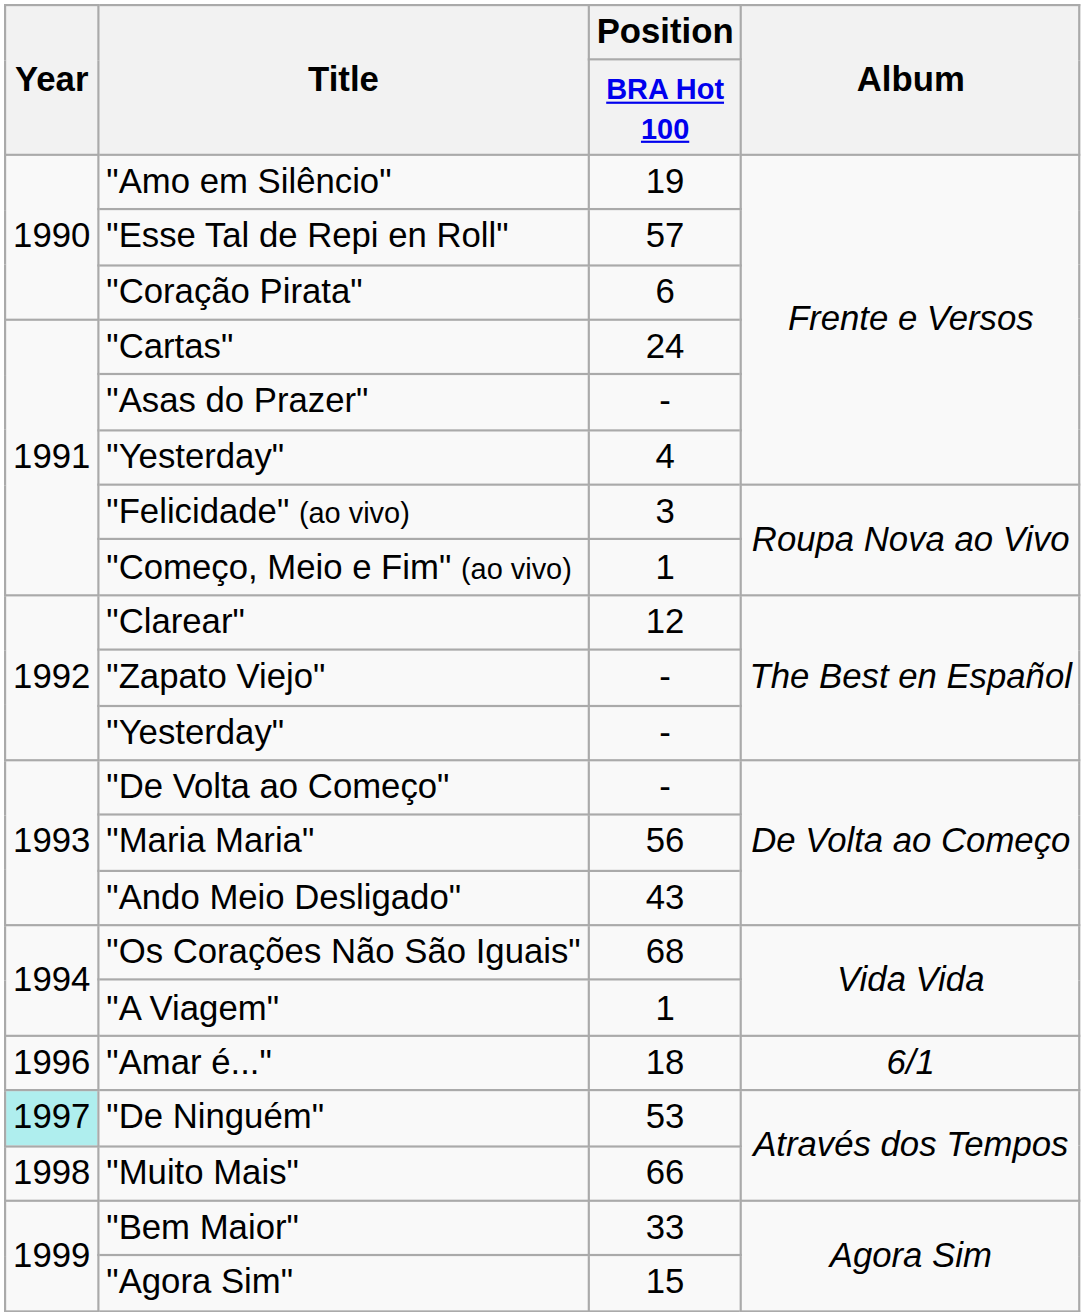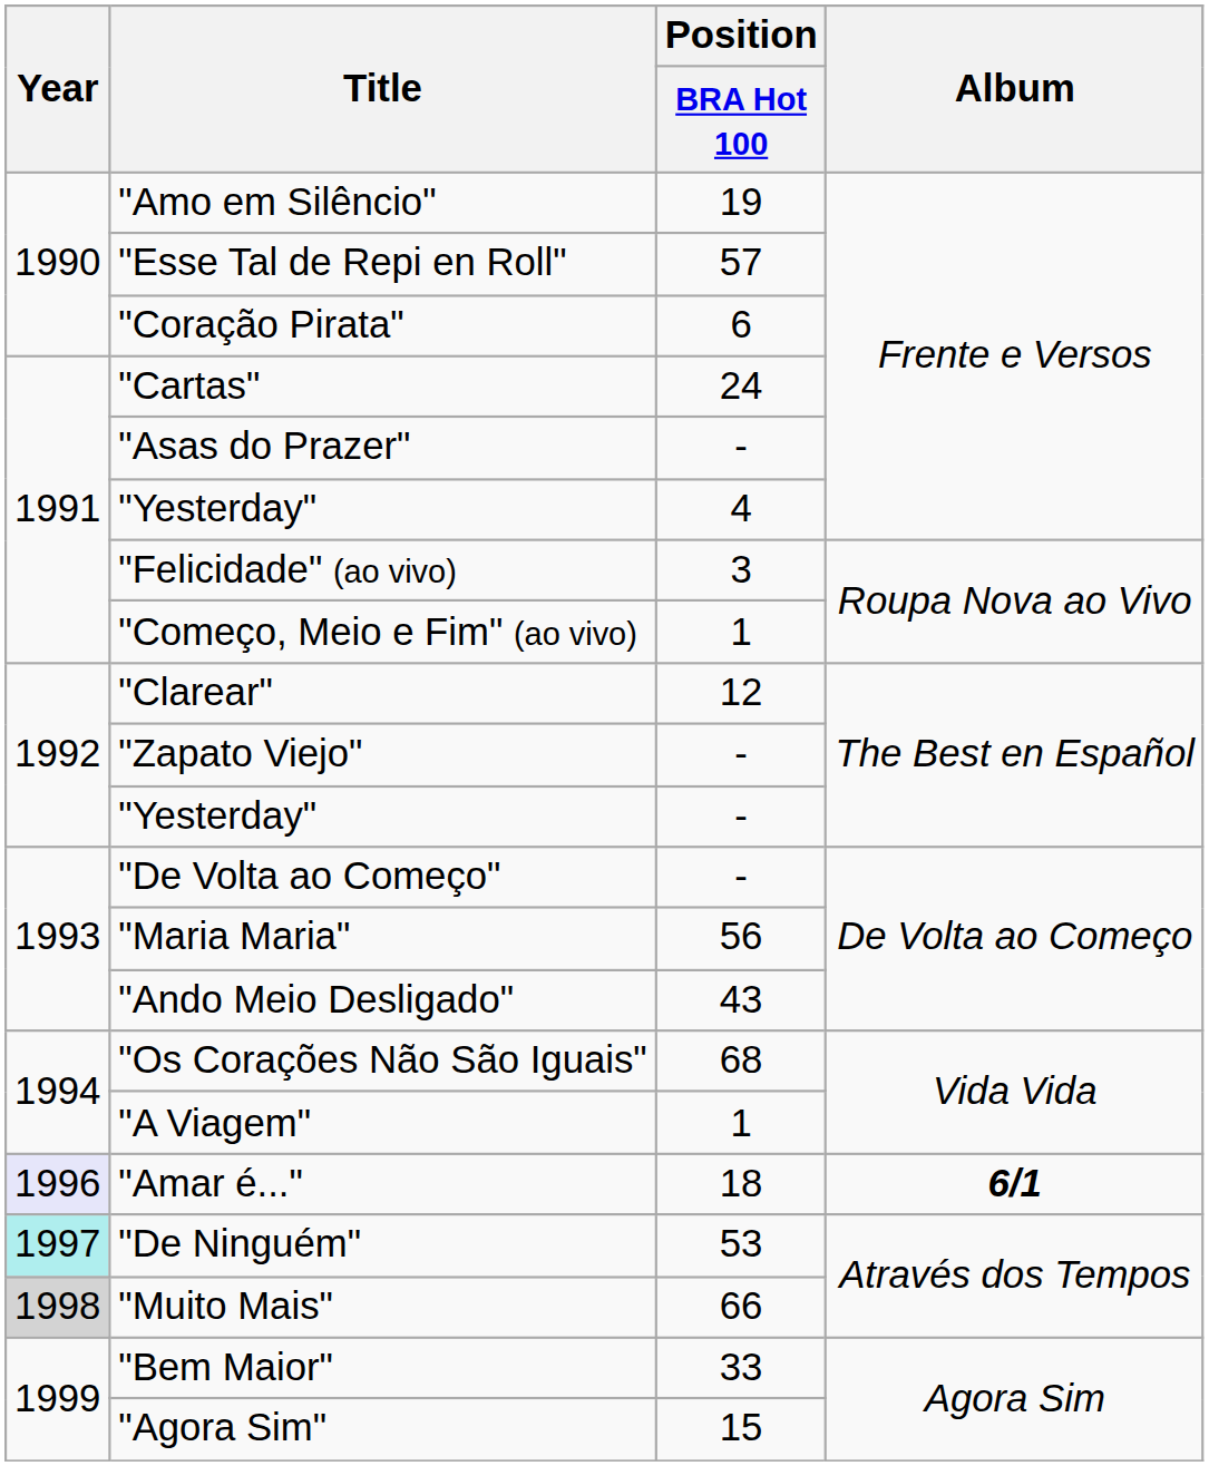 <table class="wikitable">
 <tr>
 <th rowspan="2">Year</th>
 <th rowspan="2">Title</th>
 <th colspan="1">Position</th>
 <th rowspan="2">Album</th>
 </tr>
 <tr>
 <th align="center" width="30"><small><a href='#'>BRA Hot 100</a></small></th>
 </tr>
 <tr>
 <td align="left" valign="center" rowspan=3>1990</td>
 <td align="left" valign="center">"Amo em Silêncio"</td>
 <td align="center">19</td>
 <td rowspan="6" align="center"><em>Frente e Versos</em></td>
 </tr>
 <tr>
 <td align="left" valign="center">"Esse Tal de Repi en Roll"</td>
 <td align="center">57</td>
 </tr>
 <tr>
 <td align="left" valign="center">"Coração Pirata"</td>
 <td align="center">6</td>
 </tr>
 <tr>
 <td rowspan="5" align="left" valign="center">1991</td>
 <td align="left" valign="center">"Cartas"</td>
 <td align="center">24</td>
 </tr>
 <tr>
 <td>"Asas do Prazer"</td>
 <td align="center">-</td>
 </tr>
 <tr>
 <td align="left" valign="center">"Yesterday"</td>
 <td align="center">4</td>
 </tr>
 <tr>
 <td align="left" valign="center">"Felicidade" <small>(ao vivo)</small></td>
 <td align="center">3</td>
 <td align="center" rowspan=2><em>Roupa Nova ao Vivo</em></td>
 </tr>
 <tr>
 <td align="left" valign="center">"Começo, Meio e Fim" <small>(ao vivo)</small></td>
 <td align="center">1</td>
 </tr>
 <tr>
 <td align="left" valign="center" rowspan=3>1992</td>
 <td align="left" valign="center">"Clarear"</td>
 <td align="center">12</td>
 <td align="center" rowspan=3><em>The Best en Español</em></td>
 </tr>
 <tr>
 <td align="left" valign="center">"Zapato Viejo"</td>
 <td align="center">-</td>
 </tr>
 <tr>
 <td align="left" valign="center">"Yesterday"</td>
 <td align="center">-</td>
 </tr>
 <tr>
 <td align="left" valign="center" rowspan=3>1993</td>
 <td align="left" valign="center">"De Volta ao Começo"</td>
 <td align="center">-</td>
 <td align="center" rowspan=3><em>De Volta ao Começo</em></td>
 </tr>
 <tr>
 <td align="left" valign="center">"Maria Maria"</td>
 <td align="center">56</td>
 </tr>
 <tr>
 <td align="left" valign="center">"Ando Meio Desligado"</td>
 <td align="center">43</td>
 </tr>
 <tr>
 <td align="left" valign="center" rowspan=2>1994</td>
 <td align="left" valign="center">"Os Corações Não São Iguais"</td>
 <td align="center">68</td>
 <td align="center" rowspan=2><em>Vida Vida</em></td>
 </tr>
 <tr>
 <td align="left" valign="center">"A Viagem"</td>
 <td align="center">1</td>
 </tr>
 <tr>
-<td align="left" valign="center">1996</td>
+<td align="left" valign="center" style="background: lavender;">1996</td>
 <td align="left" valign="center">"Amar é..."</td>
 <td align="center">18</td>
-<td align="center"><em>6/1</em></td>
+<td align="center"><strong><em>6/1</em></strong></td>
 </tr>
 <tr>
 <td align="left" valign="center" style="background: paleturquoise;">1997</td>
 <td align="left" valign="center">"De Ninguém"</td>
 <td align="center">53</td>
 <td align="center" rowspan=2><em>Através dos Tempos</em></td>
 </tr>
 <tr>
-<td align="left" valign="center">1998</td>
+<td align="left" valign="center" style="background: lightgrey;">1998</td>
 <td align="left" valign="center">"Muito Mais"</td>
 <td align="center">66</td>
 </tr>
 <tr>
 <td align="left" valign="center" rowspan=2>1999</td>
 <td align="left" valign="center">"Bem Maior"</td>
 <td align="center">33</td>
 <td align="center" rowspan=2><em>Agora Sim</em></td>
 </tr>
 <tr>
 <td align="left" valign="center">"Agora Sim"</td>
 <td align="center">15</td>
 </tr>
 </table>
